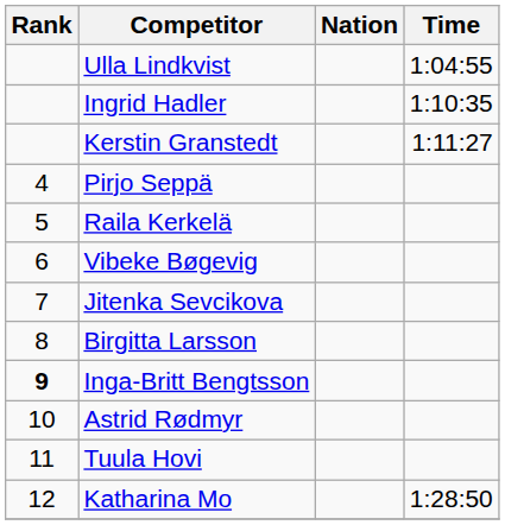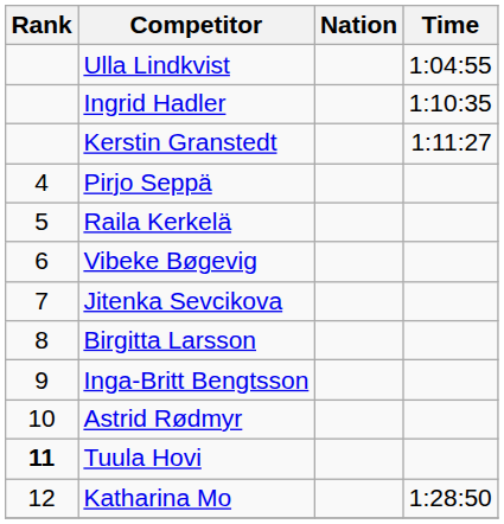 <table class="wikitable sortable" style="text-align:left">
 <tr>
 <th data-sort-type="number">Rank</th>
 <th class="unsortable">Competitor</th>
 <th>Nation</th>
 <th>Time</th>
 </tr>
 <tr>
 <td style="text-align:center"></td>
 <td><a href='#'>Ulla Lindkvist</a></td>
 <td></td>
 <td style="text-align:right">1:04:55</td>
 </tr>
 <tr>
 <td style="text-align:center"></td>
 <td><a href='#'>Ingrid Hadler</a></td>
 <td></td>
 <td style="text-align:right">1:10:35</td>
 </tr>
 <tr>
 <td style="text-align:center"></td>
 <td><a href='#'>Kerstin Granstedt</a></td>
 <td></td>
 <td style="text-align:right">1:11:27</td>
 </tr>
 <tr>
 <td style="text-align:center">4</td>
 <td><a href='#'>Pirjo Seppä</a></td>
 <td></td>
 <td style="text-align:right"></td>
 </tr>
 <tr>
 <td style="text-align:center">5</td>
 <td><a href='#'>Raila Kerkelä</a></td>
 <td></td>
 <td style="text-align:right"></td>
 </tr>
 <tr>
 <td style="text-align:center">6</td>
 <td><a href='#'>Vibeke Bøgevig</a></td>
 <td></td>
 <td style="text-align:right"></td>
 </tr>
 <tr>
 <td style="text-align:center">7</td>
 <td><a href='#'>Jitenka Sevcikova</a></td>
 <td></td>
 <td style="text-align:right"></td>
 </tr>
 <tr>
 <td style="text-align:center">8</td>
 <td><a href='#'>Birgitta Larsson</a></td>
 <td></td>
 <td style="text-align:right"></td>
 </tr>
 <tr>
-<td style="text-align:center"><strong>9</strong></td>
+<td style="text-align:center">9</td>
 <td><a href='#'>Inga-Britt Bengtsson</a></td>
 <td></td>
 <td style="text-align:right"></td>
 </tr>
 <tr>
 <td style="text-align:center">10</td>
 <td><a href='#'>Astrid Rødmyr</a></td>
 <td></td>
 <td style="text-align:right"></td>
 </tr>
 <tr>
-<td style="text-align:center">11</td>
+<td style="text-align:center"><strong>11</strong></td>
 <td><a href='#'>Tuula Hovi</a></td>
 <td></td>
 <td style="text-align:right"></td>
 </tr>
 <tr>
 <td style="text-align:center">12</td>
 <td><a href='#'>Katharina Mo</a></td>
 <td></td>
 <td style="text-align:right">1:28:50</td>
 </tr>
 <tr>
 </tr>
 </table>
